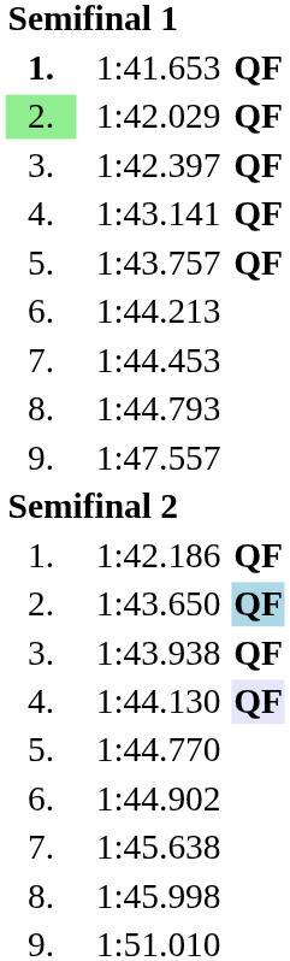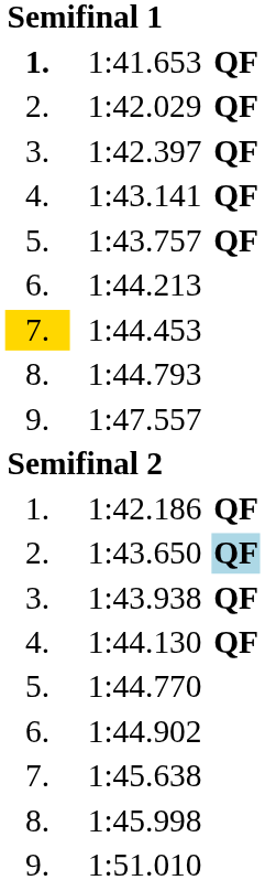 <table style="text-align:center">
 <tr>
 <td colspan=4 align=left><strong>Semifinal 1</strong></td>
 </tr>
 <tr>
 <td width=30><strong>1.</strong></td>
 <td align=left></td>
 <td width=60>1:41.653</td>
 <td><strong>QF</strong></td>
 </tr>
 <tr>
-<td style="background: lightgreen;">2.</td>
+<td>2.</td>
 <td align=left></td>
 <td>1:42.029</td>
 <td><strong>QF</strong></td>
 </tr>
 <tr>
 <td>3.</td>
 <td align=left></td>
 <td>1:42.397</td>
 <td><strong>QF</strong></td>
 </tr>
 <tr>
 <td>4.</td>
 <td align=left></td>
 <td>1:43.141</td>
 <td><strong>QF</strong></td>
 </tr>
 <tr>
 <td>5.</td>
 <td align=left></td>
 <td>1:43.757</td>
 <td><strong>QF</strong></td>
 </tr>
 <tr>
 <td>6.</td>
 <td align=left></td>
 <td>1:44.213</td>
 <td></td>
 </tr>
 <tr>
-<td>7.</td>
+<td style="background: gold;">7.</td>
 <td align=left></td>
 <td>1:44.453</td>
 <td></td>
 </tr>
 <tr>
 <td>8.</td>
 <td align=left></td>
 <td>1:44.793</td>
 <td></td>
 </tr>
 <tr>
 <td>9.</td>
 <td align=left></td>
 <td>1:47.557</td>
 <td></td>
 </tr>
 <tr>
 <td colspan=4 align=left><strong>Semifinal 2</strong></td>
 </tr>
 <tr>
 <td width=30>1.</td>
 <td align=left></td>
 <td width=60>1:42.186</td>
 <td><strong>QF</strong></td>
 </tr>
 <tr>
 <td>2.</td>
 <td align=left></td>
 <td>1:43.650</td>
 <td style="background: lightblue;"><strong>QF</strong></td>
 </tr>
 <tr>
 <td>3.</td>
 <td align=left></td>
 <td>1:43.938</td>
 <td><strong>QF</strong></td>
 </tr>
 <tr>
 <td>4.</td>
 <td align=left></td>
 <td>1:44.130</td>
-<td style="background: lavender;"><strong>QF</strong></td>
+<td><strong>QF</strong></td>
 </tr>
 <tr>
 <td>5.</td>
 <td align=left></td>
 <td>1:44.770</td>
 <td></td>
 </tr>
 <tr>
 <td>6.</td>
 <td align=left></td>
 <td>1:44.902</td>
 <td></td>
 </tr>
 <tr>
 <td>7.</td>
 <td align=left></td>
 <td>1:45.638</td>
 <td></td>
 </tr>
 <tr>
 <td>8.</td>
 <td align=left></td>
 <td>1:45.998</td>
 <td></td>
 </tr>
 <tr>
 <td>9.</td>
 <td align=left></td>
 <td>1:51.010</td>
 <td></td>
 </tr>
 </table>
